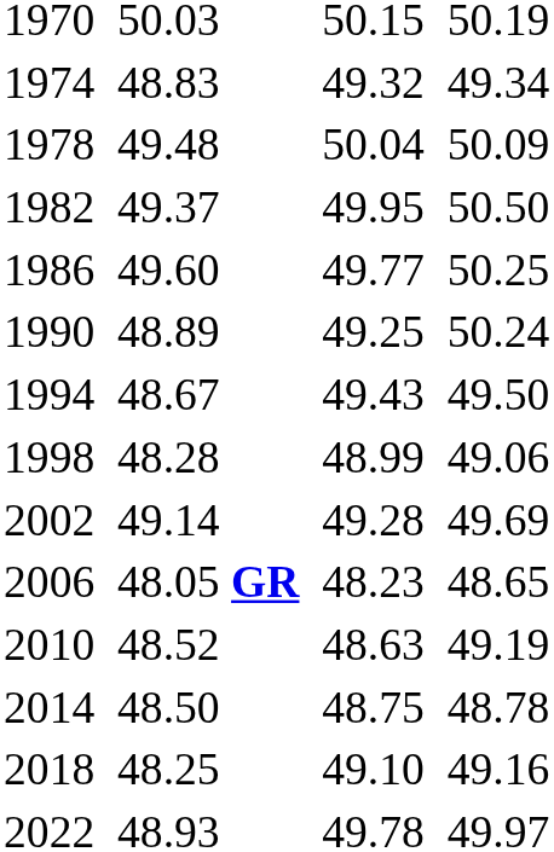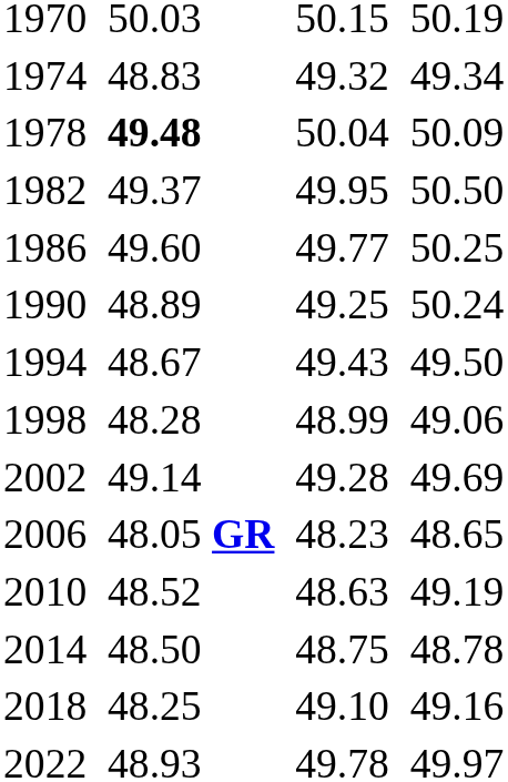 <table>
 <tr>
 <td>1970</td>
 <td></td>
 <td>50.03</td>
 <td></td>
 <td>50.15</td>
 <td></td>
 <td>50.19</td>
 </tr>
 <tr>
 <td>1974</td>
 <td></td>
 <td>48.83</td>
 <td></td>
 <td>49.32</td>
 <td></td>
 <td>49.34</td>
 </tr>
 <tr>
 <td>1978</td>
 <td></td>
-<td>49.48</td>
+<td><strong>49.48</strong></td>
 <td></td>
 <td>50.04</td>
 <td></td>
 <td>50.09</td>
 </tr>
 <tr>
 <td>1982</td>
 <td></td>
 <td>49.37</td>
 <td></td>
 <td>49.95</td>
 <td></td>
 <td>50.50</td>
 </tr>
 <tr>
 <td>1986</td>
 <td></td>
 <td>49.60</td>
 <td></td>
 <td>49.77</td>
 <td></td>
 <td>50.25</td>
 </tr>
 <tr>
 <td>1990</td>
 <td></td>
 <td>48.89</td>
 <td></td>
 <td>49.25</td>
 <td></td>
 <td>50.24</td>
 </tr>
 <tr>
 <td>1994</td>
 <td></td>
 <td>48.67</td>
 <td></td>
 <td>49.43</td>
 <td></td>
 <td>49.50</td>
 </tr>
 <tr>
 <td>1998</td>
 <td></td>
 <td>48.28</td>
 <td></td>
 <td>48.99</td>
 <td></td>
 <td>49.06</td>
 </tr>
 <tr>
 <td>2002</td>
 <td></td>
 <td>49.14</td>
 <td></td>
 <td>49.28</td>
 <td></td>
 <td>49.69</td>
 </tr>
 <tr>
 <td>2006</td>
 <td></td>
 <td>48.05 <strong><a href='#'>GR</a></strong></td>
 <td></td>
 <td>48.23</td>
 <td></td>
 <td>48.65</td>
 </tr>
 <tr>
 <td>2010</td>
 <td></td>
 <td>48.52</td>
 <td></td>
 <td>48.63</td>
 <td></td>
 <td>49.19</td>
 </tr>
 <tr>
 <td>2014</td>
 <td></td>
 <td>48.50</td>
 <td></td>
 <td>48.75</td>
 <td></td>
 <td>48.78</td>
 </tr>
 <tr>
 <td>2018</td>
 <td></td>
 <td>48.25</td>
 <td></td>
 <td>49.10</td>
 <td></td>
 <td>49.16</td>
 </tr>
 <tr>
 <td>2022</td>
 <td></td>
 <td>48.93</td>
 <td></td>
 <td>49.78</td>
 <td></td>
 <td>49.97</td>
 </tr>
 </table>
